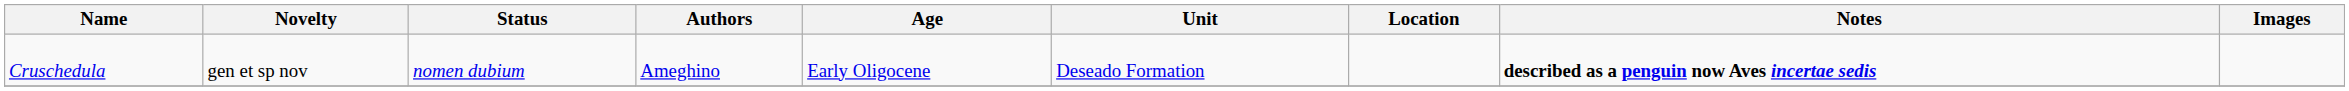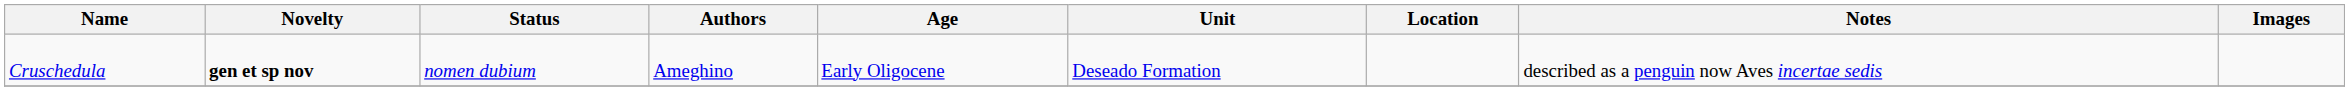 <table class="wikitable sortable" align="center" width="100%">
 <tr>
 <th>Name</th>
 <th>Novelty</th>
 <th>Status</th>
 <th>Authors</th>
 <th>Age</th>
 <th>Unit</th>
 <th>Location</th>
 <th>Notes</th>
 <th>Images</th>
 </tr>
 <tr>
 <td><br><em><a href='#'>Cruschedula</a></em></td>
-<td><br>gen et sp nov</td>
+<td><strong><br>gen et sp nov</strong></td>
 <td><br><em><a href='#'>nomen dubium</a></em></td>
 <td><br><a href='#'>Ameghino</a></td>
 <td><br><a href='#'>Early Oligocene</a></td>
 <td><br><a href='#'>Deseado Formation</a></td>
 <td><br></td>
-<td><strong><br>described as a <a href='#'>penguin</a> now Aves <em><a href='#'>incertae sedis</a></em></strong></td>
+<td><br>described as a <a href='#'>penguin</a> now Aves <em><a href='#'>incertae sedis</a></em></td>
 <td></td>
 </tr>
 <tr>
 </tr>
 </table>
